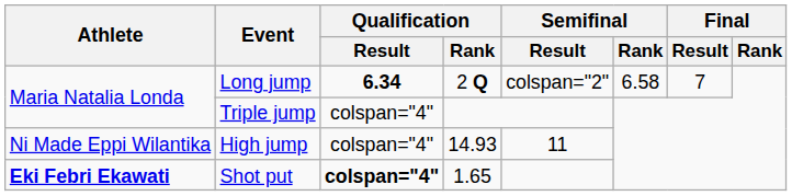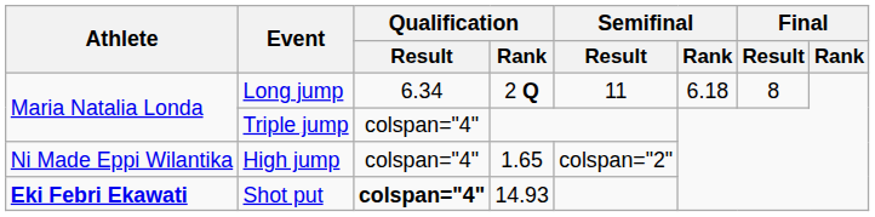 <table class=wikitable style=font-size:88%;text-align:center>
 <tr>
 <th rowspan=2>Athlete</th>
 <th rowspan=2>Event</th>
 <th colspan=2>Qualification</th>
 <th colspan=2>Semifinal</th>
 <th colspan=2>Final</th>
 </tr>
 <tr style="font-size:95%">
 <th>Result</th>
 <th>Rank</th>
 <th>Result</th>
 <th>Rank</th>
 <th>Result</th>
 <th>Rank</th>
 </tr>
 <tr>
 <td style="text-align:left" rowspan="2"><a href='#'>Maria Natalia Londa</a></td>
 <td style="text-align:left" rowspan=1><a href='#'>Long jump</a></td>
-<td><strong>6.34</strong></td>
+<td>6.34</td>
 <td>2 <strong>Q</strong></td>
-<td>colspan="2" </td>
-<td>6.58</td>
-<td>7</td>
+<td>11</td>
+<td>6.18</td>
+<td>8</td>
 </tr>
 <tr>
 <td style="text-align:left" rowspan=1><a href='#'>Triple jump</a></td>
 <td>colspan="4" </td>
 <td colspan="2"></td>
 </tr>
 <tr>
 <td style="text-align:left"><a href='#'>Ni Made Eppi Wilantika</a></td>
 <td style="text-align:left" rowspan=1><a href='#'>High jump</a></td>
 <td>colspan="4" </td>
-<td>14.93</td>
-<td>11</td>
+<td>1.65</td>
+<td>colspan="2" </td>
 </tr>
 <tr>
 <td style="text-align:left"><strong><a href='#'>Eki Febri Ekawati</a></strong></td>
 <td style="text-align:left" rowspan=1><a href='#'>Shot put</a></td>
 <td><strong>colspan="4" </strong></td>
-<td>1.65</td>
+<td>14.93</td>
 <td></td>
 </tr>
 </table>
